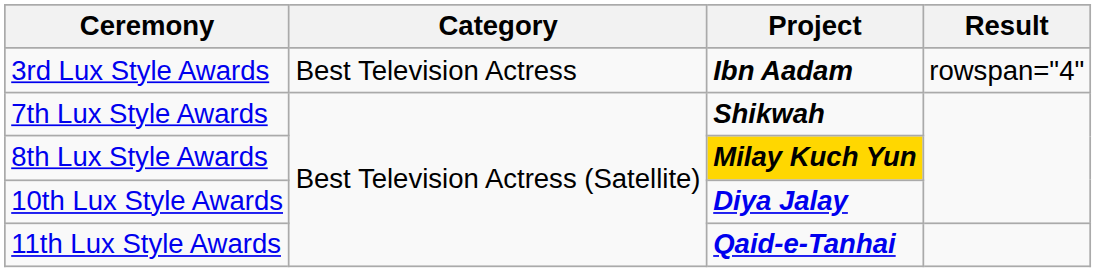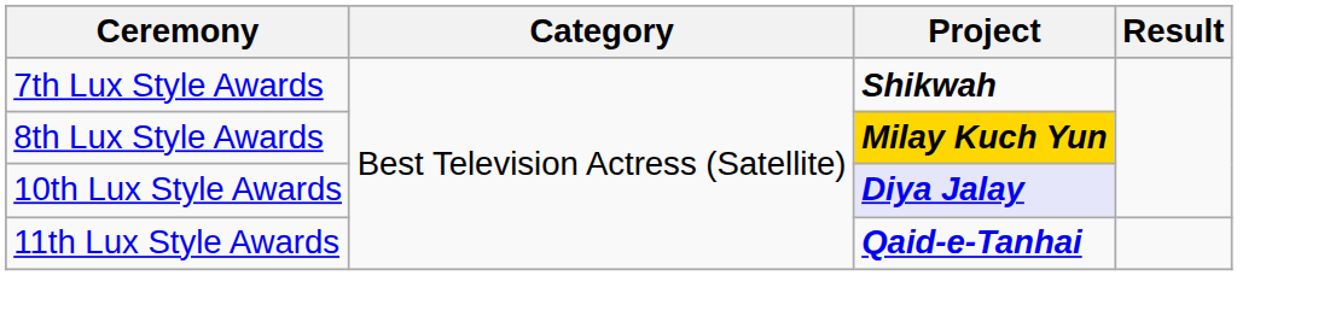 <table class="wikitable style">
 <tr>
 <th>Ceremony</th>
 <th>Category</th>
 <th>Project</th>
 <th>Result</th>
-</tr>
-<tr>
-<td><a href='#'>3rd Lux Style Awards</a></td>
-<td>Best Television Actress</td>
-<td><strong><em>Ibn Aadam</em></strong></td>
-<td>rowspan="4" </td>
 </tr>
 <tr>
 <td><a href='#'>7th Lux Style Awards</a></td>
 <td rowspan="4">Best Television Actress (Satellite)</td>
 <td><strong><em>Shikwah</em></strong></td>
 </tr>
 <tr>
 <td><a href='#'>8th Lux Style Awards</a></td>
 <td style="background: gold;"><strong><em>Milay Kuch Yun</em></strong></td>
 </tr>
 <tr>
 <td><a href='#'>10th Lux Style Awards</a></td>
-<td><strong><em><a href='#'>Diya Jalay</a></em></strong></td>
+<td style="background: lavender;"><strong><em><a href='#'>Diya Jalay</a></em></strong></td>
 </tr>
 <tr>
 <td><a href='#'>11th Lux Style Awards</a></td>
 <td><strong><em><a href='#'>Qaid-e-Tanhai</a></em></strong></td>
 <td></td>
 </tr>
 </table>
